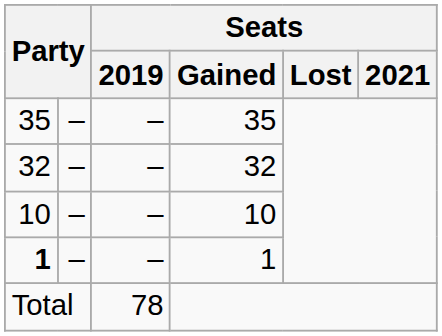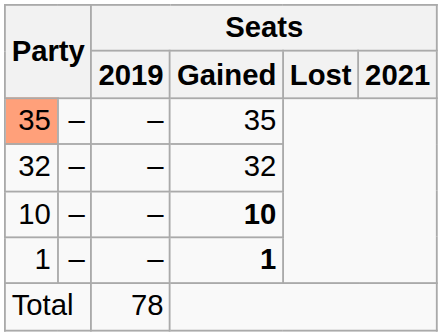 <table class="wikitable" style="text-align:right;">
 <tr>
 <th colspan="2" rowspan="2">Party</th>
 <th colspan="4">Seats</th>
 </tr>
 <tr>
 <th>2019</th>
 <th>Gained</th>
 <th>Lost</th>
 <th>2021</th>
 </tr>
 <tr>
-<td>35</td>
+<td style="background: lightsalmon;">35</td>
 <td>–</td>
 <td>–</td>
 <td>35</td>
 </tr>
 <tr>
 <td>32</td>
 <td>–</td>
 <td>–</td>
 <td>32</td>
 </tr>
 <tr>
 <td>10</td>
 <td>–</td>
 <td>–</td>
-<td>10</td>
+<td><strong>10</strong></td>
 </tr>
 <tr>
-<td><strong>1</strong></td>
+<td>1</td>
 <td>–</td>
 <td>–</td>
-<td>1</td>
+<td><strong>1</strong></td>
 </tr>
 <tr>
 <td colspan="2" style="text-align: left;">Total</td>
 <td>78</td>
 <td colspan="6"></td>
 </tr>
 </table>
